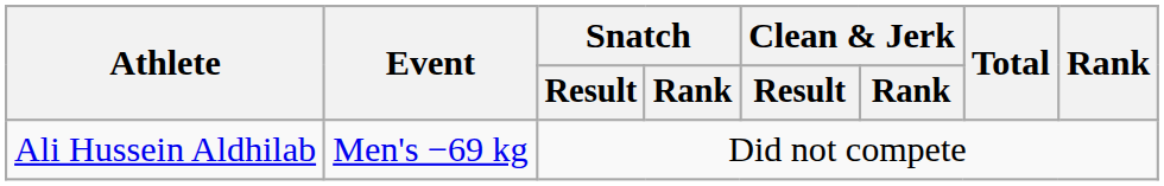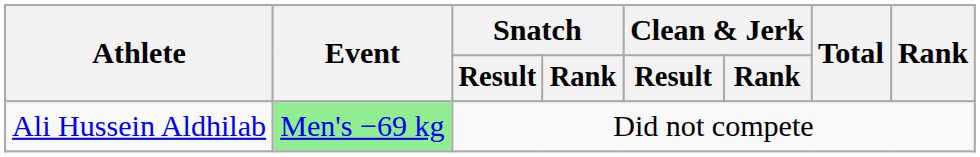 <table class="wikitable" style="font-size:90%">
 <tr>
 <th rowspan="2">Athlete</th>
 <th rowspan="2">Event</th>
 <th colspan="2">Snatch</th>
 <th colspan="2">Clean & Jerk</th>
 <th rowspan="2">Total</th>
 <th rowspan="2">Rank</th>
 </tr>
 <tr style="font-size:95%">
 <th>Result</th>
 <th>Rank</th>
 <th>Result</th>
 <th>Rank</th>
 </tr>
 <tr align=center>
 <td align=left><a href='#'>Ali Hussein Aldhilab</a></td>
-<td align=left><a href='#'>Men's −69 kg</a></td>
+<td align=left style="background: lightgreen;"><a href='#'>Men's −69 kg</a></td>
 <td colspan=6>Did not compete</td>
 </tr>
 </table>
